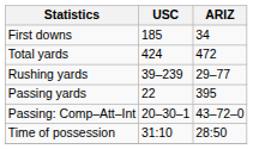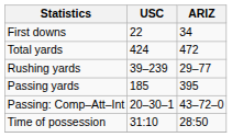 <table class="wikitable" style="float: left;">
 <tr>
 <th>Statistics</th>
 <th>USC</th>
 <th>ARIZ</th>
 </tr>
 <tr>
 <td>First downs</td>
-<td>185</td>
+<td>22</td>
 <td>34</td>
 </tr>
 <tr>
 <td>Total yards</td>
 <td>424</td>
 <td>472</td>
 </tr>
 <tr>
 <td>Rushing yards</td>
 <td>39–239</td>
 <td>29–77</td>
 </tr>
 <tr>
 <td>Passing yards</td>
-<td>22</td>
+<td>185</td>
 <td>395</td>
 </tr>
 <tr>
 <td>Passing: Comp–Att–Int</td>
 <td>20–30–1</td>
 <td>43–72–0</td>
 </tr>
 <tr>
 <td>Time of possession</td>
 <td>31:10</td>
 <td>28:50</td>
 </tr>
 <tr>
 </tr>
 </table>
